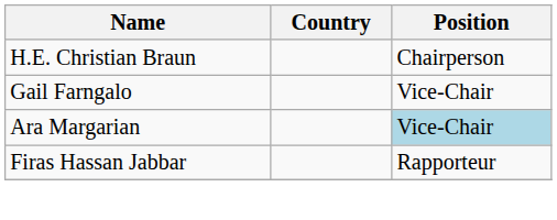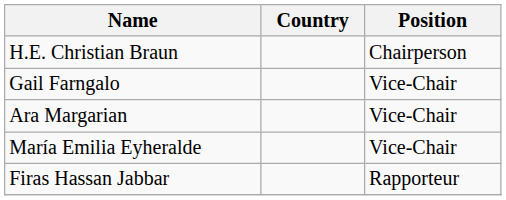 <table class="wikitable" style="display: inline-table; width: 45%">
 <tr>
 <th>Name</th>
 <th>Country</th>
 <th>Position</th>
 </tr>
 <tr>
 <td>H.E. Christian Braun</td>
 <td></td>
 <td>Chairperson</td>
 </tr>
 <tr>
 <td>Gail Farngalo</td>
 <td></td>
 <td>Vice-Chair</td>
 </tr>
 <tr>
 <td>Ara Margarian</td>
 <td></td>
-<td style="background: lightblue;">Vice-Chair</td>
+<td>Vice-Chair</td>
+</tr>
+<tr>
+<td>María Emilia Eyheralde</td>
+<td></td>
+<td>Vice-Chair</td>
 </tr>
 <tr>
 <td>Firas Hassan Jabbar</td>
 <td></td>
 <td>Rapporteur</td>
 </tr>
 <tr>
 </tr>
 </table>
